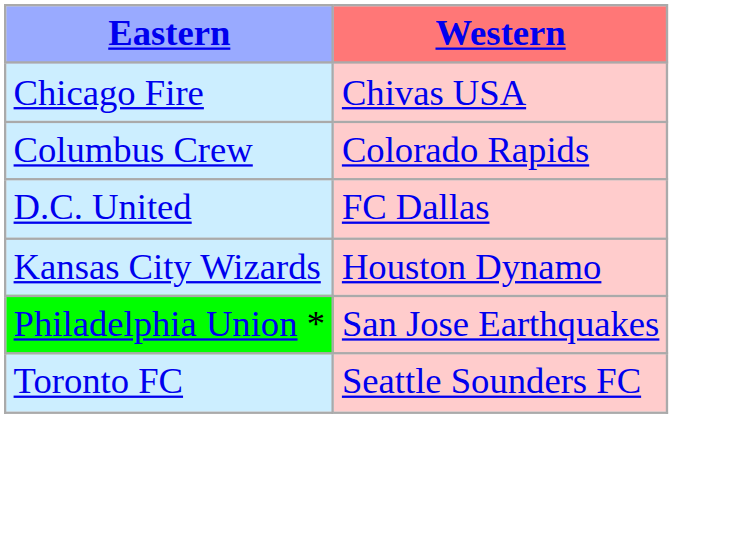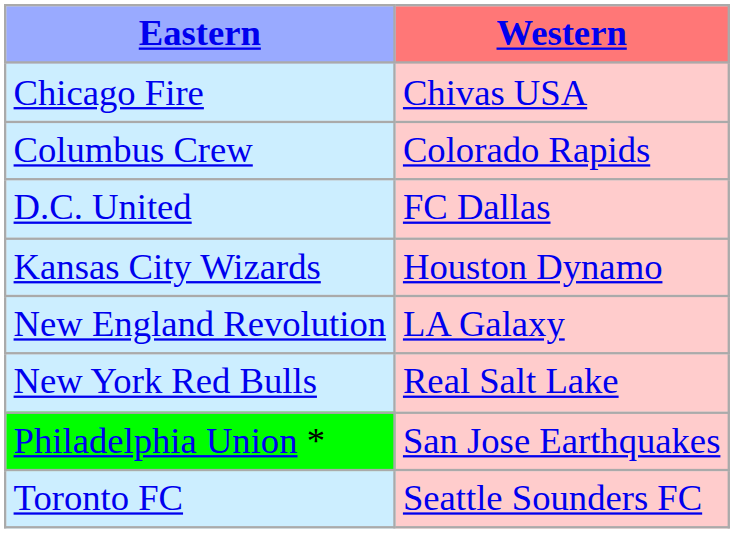 <table class="wikitable">
 <tr>
 <th style="background-color: #9AF;"><a href='#'>Eastern</a></th>
 <th style="background-color: #F77;"><a href='#'>Western</a></th>
 </tr>
 <tr>
 <td style="background-color: #CEF;"><a href='#'>Chicago Fire</a></td>
 <td style="background-color: #FCC;"><a href='#'>Chivas USA</a></td>
 </tr>
 <tr>
 <td style="background-color: #CEF;"><a href='#'>Columbus Crew</a></td>
 <td style="background-color: #FCC;"><a href='#'>Colorado Rapids</a></td>
 </tr>
 <tr>
 <td style="background-color: #CEF;"><a href='#'>D.C. United</a></td>
 <td style="background-color: #FCC;"><a href='#'>FC Dallas</a></td>
 </tr>
 <tr>
 <td style="background-color: #CEF;"><a href='#'>Kansas City Wizards</a></td>
 <td style="background-color: #FCC;"><a href='#'>Houston Dynamo</a></td>
 </tr>
 <tr>
+<td style="background-color: #CEF;"><a href='#'>New England Revolution</a></td>
+<td style="background-color: #FCC;"><a href='#'>LA Galaxy</a></td>
+</tr>
+<tr>
+<td style="background-color: #CEF;"><a href='#'>New York Red Bulls</a></td>
+<td style="background-color: #FCC;"><a href='#'>Real Salt Lake</a></td>
+</tr>
+<tr>
 <td style="background-color: #0F0;"><a href='#'>Philadelphia Union</a> *</td>
 <td style="background-color: #FCC;"><a href='#'>San Jose Earthquakes</a></td>
 </tr>
 <tr>
 <td style="background-color: #CEF;"><a href='#'>Toronto FC</a></td>
 <td style="background-color: #FCC;"><a href='#'>Seattle Sounders FC</a></td>
 </tr>
 </table>
